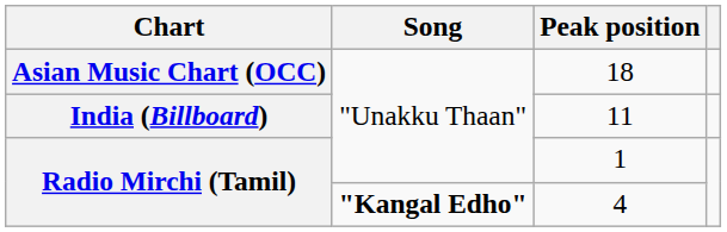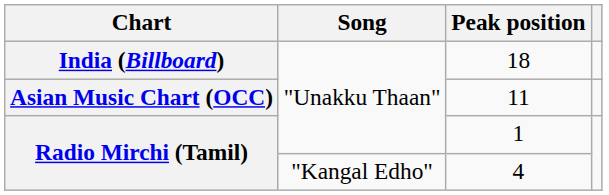 <table class="wikitable plainrowheaders sortable" style="text-align:center;">
 <tr>
 <th>Chart</th>
 <th>Song</th>
 <th>Peak position</th>
 <th></th>
 </tr>
 <tr>
-<th scope="row"><a href='#'>Asian Music Chart</a> (<a href='#'>OCC</a>)</th>
+<th scope="row"><a href='#'>India</a> (<em><a href='#'>Billboard</a></em>)</th>
 <td rowspan="3">"Unakku Thaan"</td>
 <td>18</td>
 <td></td>
 </tr>
 <tr>
-<th scope="row"><a href='#'>India</a> (<em><a href='#'>Billboard</a></em>)</th>
+<th scope="row"><a href='#'>Asian Music Chart</a> (<a href='#'>OCC</a>)</th>
 <td>11</td>
 <td></td>
 </tr>
 <tr>
 <th rowspan="2" scope="row"><a href='#'>Radio Mirchi</a> (Tamil)</th>
 <td>1</td>
 <td rowspan="2"></td>
 </tr>
 <tr>
-<td><strong>"Kangal Edho"</strong></td>
+<td>"Kangal Edho"</td>
 <td>4</td>
 </tr>
 </table>
